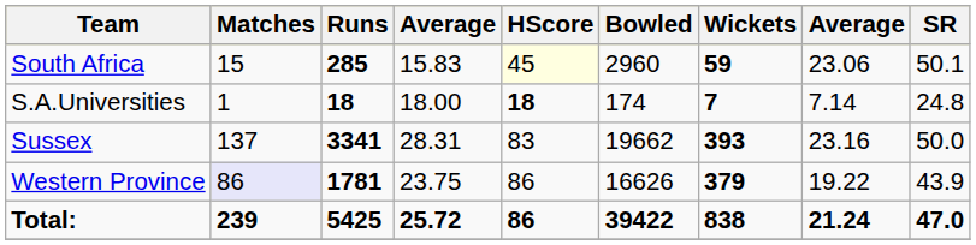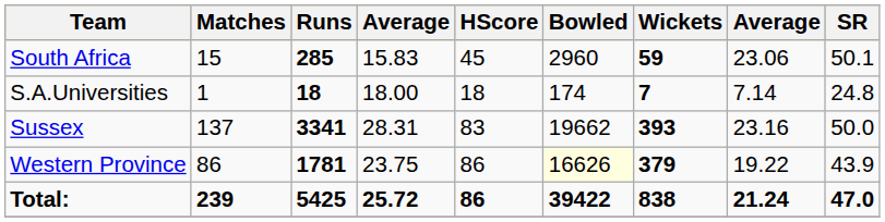 <table class="wikitable sortable" style="text-align: center:">
 <tr bgcolor=#bdb76b>
 <th>Team</th>
 <th>Matches</th>
 <th>Runs</th>
 <th>Average</th>
 <th>HScore</th>
 <th>Bowled</th>
 <th>Wickets</th>
 <th>Average</th>
 <th>SR</th>
 </tr>
 <tr>
 <td><a href='#'>South Africa</a></td>
 <td>15</td>
 <td><strong>285</strong></td>
 <td>15.83</td>
-<td style="background: lightyellow;">45</td>
+<td>45</td>
 <td>2960</td>
 <td><strong>59</strong></td>
 <td>23.06</td>
 <td>50.1</td>
 </tr>
 <tr>
 <td>S.A.Universities</td>
 <td>1</td>
 <td><strong>18</strong></td>
 <td>18.00</td>
-<td><strong>18</strong></td>
+<td>18</td>
 <td>174</td>
 <td><strong>7</strong></td>
 <td>7.14</td>
 <td>24.8</td>
 </tr>
 <tr>
 <td><a href='#'>Sussex</a></td>
 <td>137</td>
 <td><strong>3341</strong></td>
 <td>28.31</td>
 <td>83</td>
 <td>19662</td>
 <td><strong>393</strong></td>
 <td>23.16</td>
 <td>50.0</td>
 </tr>
 <tr>
 <td><a href='#'>Western Province</a></td>
-<td style="background: lavender;">86</td>
+<td>86</td>
 <td><strong>1781</strong></td>
 <td>23.75</td>
 <td>86</td>
-<td>16626</td>
+<td style="background: lightyellow;">16626</td>
 <td><strong>379</strong></td>
 <td>19.22</td>
 <td>43.9</td>
 </tr>
 <tr>
 <td><strong>Total:</strong></td>
 <td><strong>239</strong></td>
 <td><strong>5425</strong></td>
 <td><strong>25.72</strong></td>
 <td><strong>86</strong></td>
 <td><strong>39422</strong></td>
 <td><strong>838</strong></td>
 <td><strong>21.24</strong></td>
 <td><strong>47.0</strong></td>
 </tr>
 <tr>
 </tr>
 </table>
